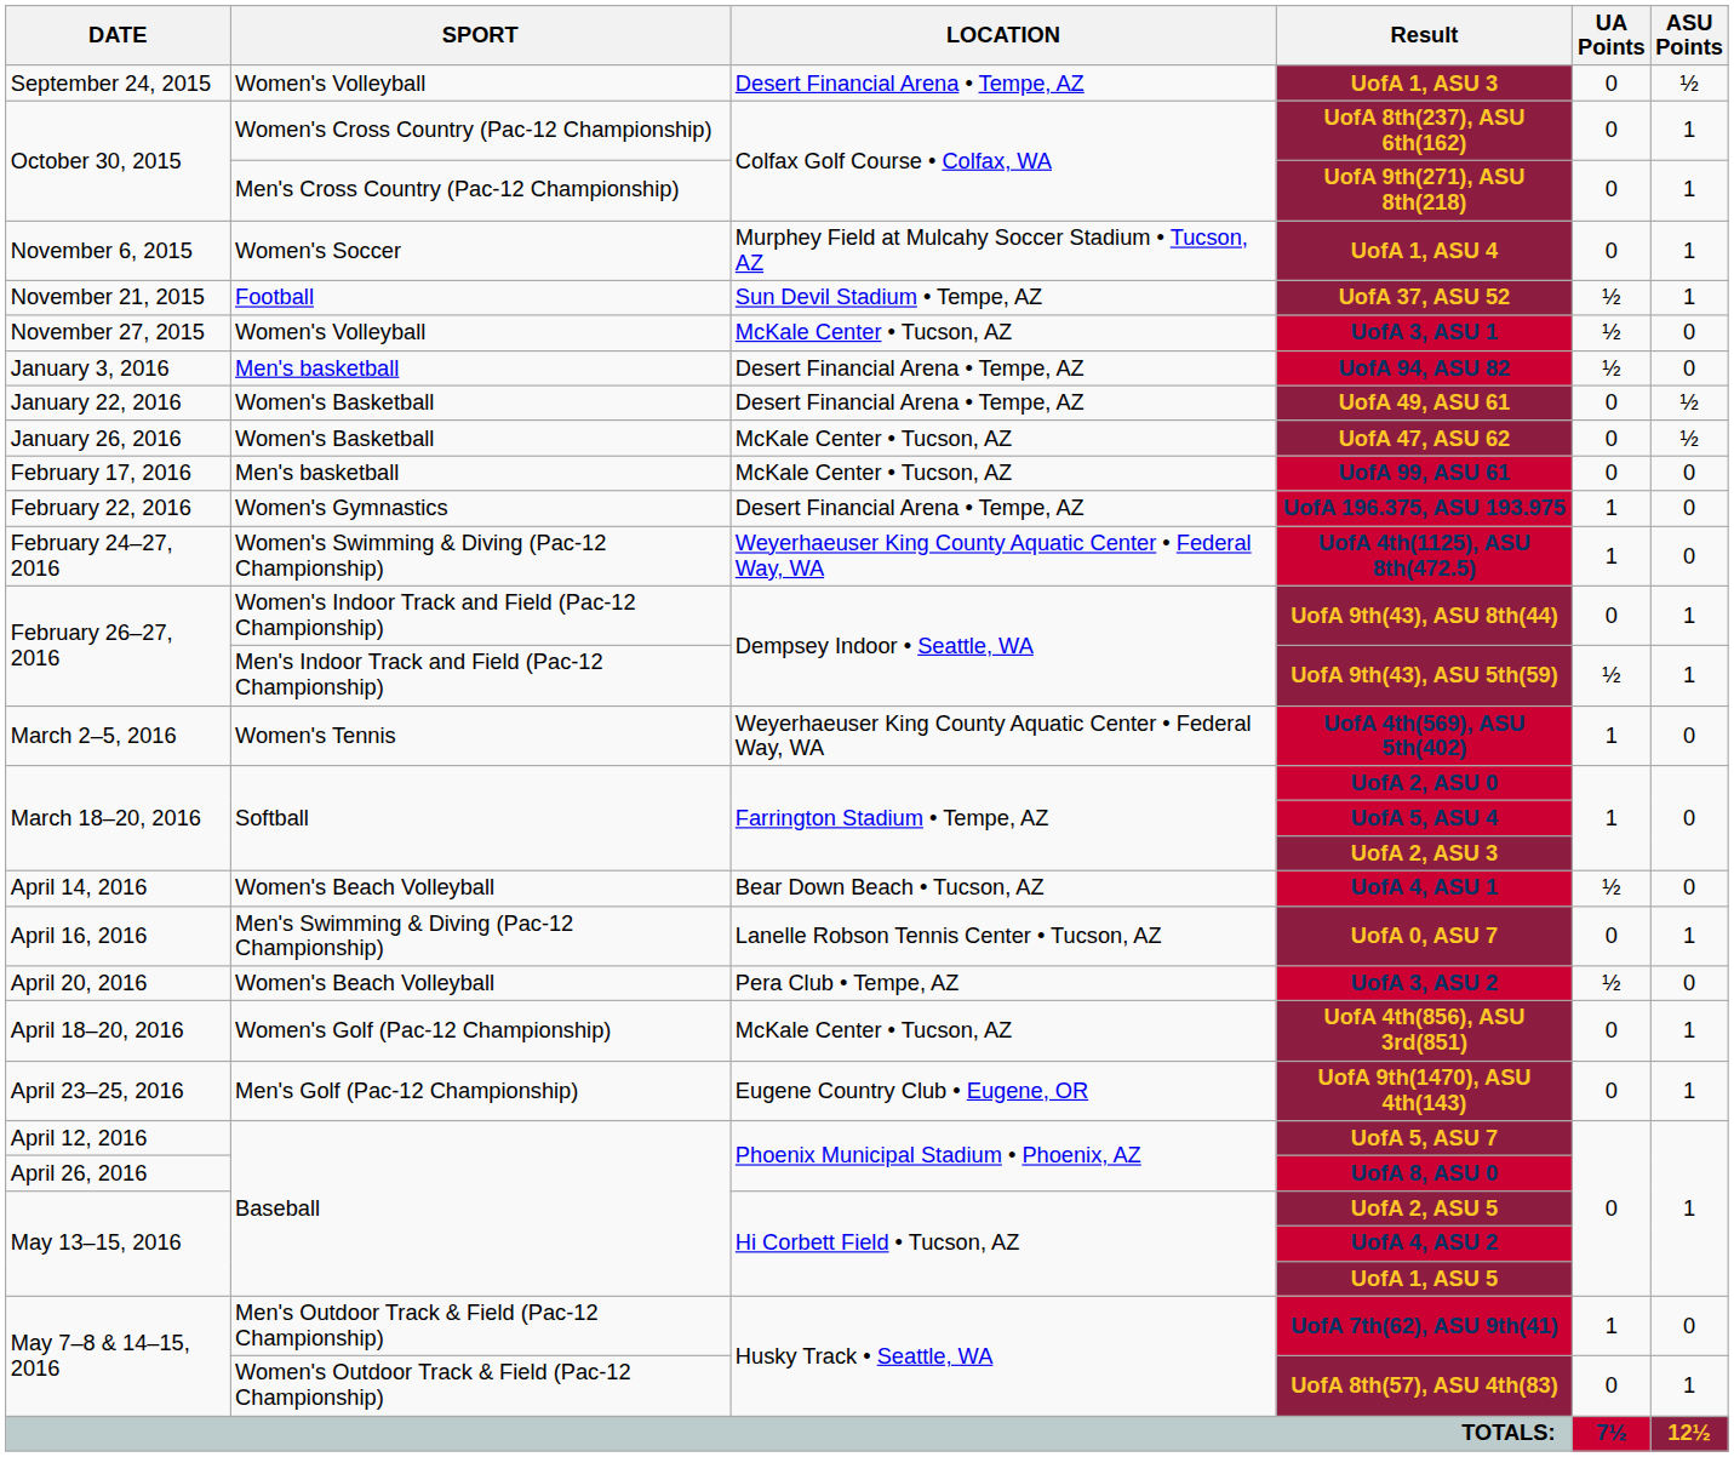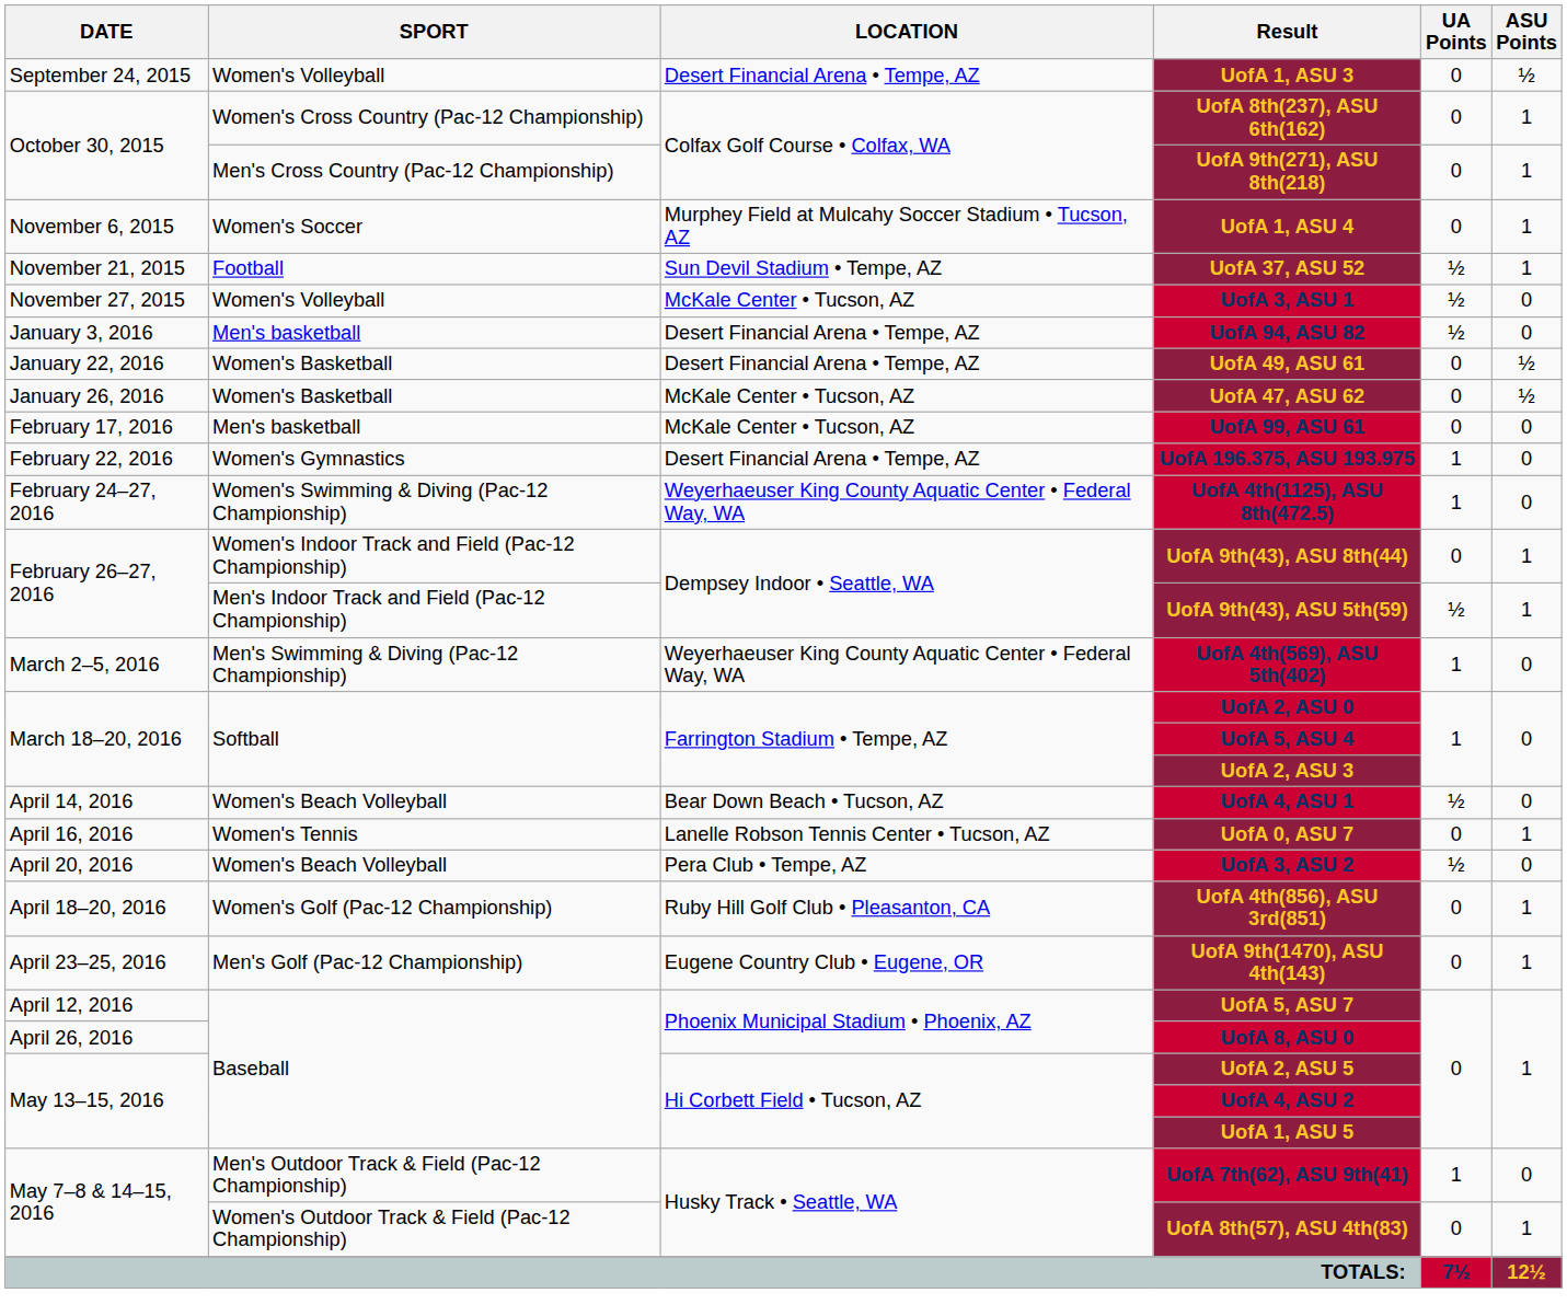 <table class=wikitable>
 <tr>
 <th>DATE</th>
 <th>SPORT</th>
 <th>LOCATION</th>
 <th>Result</th>
 <th>UA<br>Points</th>
 <th>ASU<br>Points</th>
 </tr>
 <tr>
 <td>September 24, 2015</td>
 <td>Women's Volleyball</td>
 <td><a href='#'>Desert Financial Arena</a> • <a href='#'>Tempe, AZ</a></td>
 <th style="background:#8C1D40; color:#FFC627;">UofA 1, ASU 3</th>
 <td align="center">0</td>
 <td align="center">½</td>
 </tr>
 <tr>
 <td rowspan=2>October 30, 2015</td>
 <td>Women's Cross Country (Pac-12 Championship)</td>
 <td rowspan=2>Colfax Golf Course • <a href='#'>Colfax, WA</a></td>
 <th style="background:#8C1D40; color:#FFC627;">UofA 8th(237), ASU 6th(162)</th>
 <td align="center">0</td>
 <td align="center">1</td>
 </tr>
 <tr>
 <td>Men's Cross Country (Pac-12 Championship)</td>
 <th style="background:#8C1D40; color:#FFC627;">UofA 9th(271), ASU 8th(218)</th>
 <td align="center">0</td>
 <td align="center">1</td>
 </tr>
 <tr>
 <td>November 6, 2015</td>
 <td>Women's Soccer</td>
 <td>Murphey Field at Mulcahy Soccer Stadium • <a href='#'>Tucson, AZ</a></td>
 <th style="background:#8C1D40; color:#FFC627;">UofA 1, ASU 4</th>
 <td align="center">0</td>
 <td align="center">1</td>
 </tr>
 <tr>
 <td>November 21, 2015</td>
 <td><a href='#'>Football</a></td>
 <td><a href='#'>Sun Devil Stadium</a> • Tempe, AZ</td>
 <th style="background:#8C1D40; color:#FFC627;">UofA 37, ASU 52</th>
 <td align="center">½</td>
 <td align="center">1</td>
 </tr>
 <tr>
 <td>November 27, 2015</td>
 <td>Women's Volleyball</td>
 <td><a href='#'>McKale Center</a> • Tucson, AZ</td>
 <th style="background:#CC0033; color:#003366;">UofA 3, ASU 1</th>
 <td align="center">½</td>
 <td align="center">0</td>
 </tr>
 <tr>
 <td>January 3, 2016</td>
 <td><a href='#'>Men's basketball</a></td>
 <td>Desert Financial Arena • Tempe, AZ</td>
 <th style="background:#CC0033; color:#003366;">UofA 94, ASU 82</th>
 <td align="center">½</td>
 <td align="center">0</td>
 </tr>
 <tr>
 <td>January 22, 2016</td>
 <td>Women's Basketball</td>
 <td>Desert Financial Arena • Tempe, AZ</td>
 <th style="background:#8C1D40; color:#FFC627;">UofA 49, ASU 61</th>
 <td align="center">0</td>
 <td align="center">½</td>
 </tr>
 <tr>
 <td>January 26, 2016</td>
 <td>Women's Basketball</td>
 <td>McKale Center • Tucson, AZ</td>
 <th style="background:#8C1D40; color:#FFC627;">UofA 47, ASU 62</th>
 <td align="center">0</td>
 <td align="center">½</td>
 </tr>
 <tr>
 <td>February 17, 2016</td>
 <td>Men's basketball</td>
 <td>McKale Center • Tucson, AZ</td>
 <th style="background:#CC0033; color:#003366;">UofA 99, ASU 61</th>
 <td align="center">0</td>
 <td align="center">0</td>
 </tr>
 <tr>
 <td>February 22, 2016</td>
 <td>Women's Gymnastics</td>
 <td>Desert Financial Arena • Tempe, AZ</td>
 <th style="background:#CC0033; color:#003366;">UofA 196.375, ASU 193.975</th>
 <td align="center">1</td>
 <td align="center">0</td>
 </tr>
 <tr>
 <td>February 24–27, 2016</td>
 <td>Women's Swimming & Diving (Pac-12 Championship)</td>
 <td><a href='#'>Weyerhaeuser King County Aquatic Center</a> • <a href='#'>Federal Way, WA</a></td>
 <th style="background:#CC0033; color:#003366;">UofA 4th(1125), ASU 8th(472.5)</th>
 <td align="center">1</td>
 <td align="center">0</td>
 </tr>
 <tr>
 <td rowspan=2>February 26–27, 2016</td>
 <td>Women's Indoor Track and Field (Pac-12 Championship)</td>
 <td rowspan=2>Dempsey Indoor • <a href='#'>Seattle, WA</a></td>
 <th style="background:#8C1D40; color:#FFC627;">UofA 9th(43), ASU 8th(44)</th>
 <td align="center">0</td>
 <td align="center">1</td>
 </tr>
 <tr>
 <td>Men's Indoor Track and Field (Pac-12 Championship)</td>
 <th style="background:#8C1D40; color:#FFC627;">UofA 9th(43), ASU 5th(59)</th>
 <td align="center">½</td>
 <td align="center">1</td>
 </tr>
 <tr>
 <td>March 2–5, 2016</td>
-<td>Women's Tennis</td>
+<td>Men's Swimming & Diving (Pac-12 Championship)</td>
 <td>Weyerhaeuser King County Aquatic Center • Federal Way, WA</td>
 <th style="background:#CC0033; color:#003366;">UofA 4th(569), ASU 5th(402)</th>
 <td align="center">1</td>
 <td align="center">0</td>
 </tr>
 <tr>
 <td rowspan="3">March 18–20, 2016</td>
 <td rowspan="3">Softball</td>
 <td rowspan="3"><a href='#'>Farrington Stadium</a> • Tempe, AZ</td>
 <th style="background:#CC0033; color:#003366;">UofA 2, ASU 0</th>
 <td rowspan="3" align="center">1</td>
 <td rowspan="3" align="center">0</td>
 </tr>
 <tr>
 <th style="background:#CC0033; color:#003366;">UofA 5, ASU 4</th>
 </tr>
 <tr>
 <th style="background:#8C1D40; color:#FFC627;">UofA 2, ASU 3</th>
 </tr>
 <tr>
 <td>April 14, 2016</td>
 <td>Women's Beach Volleyball</td>
 <td>Bear Down Beach • Tucson, AZ</td>
 <th style="background:#CC0033; color:#003366;">UofA 4, ASU 1</th>
 <td align="center">½</td>
 <td align="center">0</td>
 </tr>
 <tr>
 <td>April 16, 2016</td>
-<td>Men's Swimming & Diving (Pac-12 Championship)</td>
+<td>Women's Tennis</td>
 <td>Lanelle Robson Tennis Center • Tucson, AZ</td>
 <th style="background:#8C1D40; color:#FFC627;">UofA 0, ASU 7</th>
 <td align="center">0</td>
 <td align="center">1</td>
 </tr>
 <tr>
 <td>April 20, 2016</td>
 <td>Women's Beach Volleyball</td>
 <td>Pera Club • Tempe, AZ</td>
 <th style="background:#CC0033; color:#003366;">UofA 3, ASU 2</th>
 <td align="center">½</td>
 <td align="center">0</td>
 </tr>
 <tr>
 <td>April 18–20, 2016</td>
 <td>Women's Golf (Pac-12 Championship)</td>
-<td>McKale Center • Tucson, AZ</td>
+<td>Ruby Hill Golf Club • <a href='#'>Pleasanton, CA</a></td>
 <th style="background:#8C1D40; color:#FFC627;">UofA 4th(856), ASU 3rd(851)</th>
 <td align="center">0</td>
 <td align="center">1</td>
 </tr>
 <tr>
 <td>April 23–25, 2016</td>
 <td>Men's Golf (Pac-12 Championship)</td>
 <td>Eugene Country Club • <a href='#'>Eugene, OR</a></td>
 <th style="background:#8C1D40; color:#FFC627;">UofA 9th(1470), ASU 4th(143)</th>
 <td align="center">0</td>
 <td align="center">1</td>
 </tr>
 <tr>
 <td>April 12, 2016</td>
 <td rowspan="5">Baseball</td>
 <td rowspan="2"><a href='#'>Phoenix Municipal Stadium</a> • <a href='#'>Phoenix, AZ</a></td>
 <th style="background:#8C1D40; color:#FFC627;">UofA 5, ASU 7</th>
 <td rowspan="5" align="center">0</td>
 <td rowspan="5" align="center">1</td>
 </tr>
 <tr>
 <td>April 26, 2016</td>
 <th style="background:#CC0033; color:#003366;">UofA 8, ASU 0</th>
 </tr>
 <tr>
 <td rowspan="3">May 13–15, 2016</td>
 <td rowspan="3"><a href='#'>Hi Corbett Field</a> • Tucson, AZ</td>
 <th style="background:#8C1D40; color:#FFC627;">UofA 2, ASU 5</th>
 </tr>
 <tr>
 <th style="background:#CC0033; color:#003366;">UofA 4, ASU 2</th>
 </tr>
 <tr>
 <th style="background:#8C1D40; color:#FFC627;">UofA 1, ASU 5</th>
 </tr>
 <tr>
 <td rowspan=2>May 7–8 & 14–15, 2016</td>
 <td>Men's Outdoor Track & Field (Pac-12 Championship)</td>
 <td rowspan=2>Husky Track • <a href='#'>Seattle, WA</a></td>
 <th style="background:#CC0033; color:#003366;">UofA 7th(62), ASU 9th(41)</th>
 <td align="center">1</td>
 <td align="center">0</td>
 </tr>
 <tr>
 <td>Women's Outdoor Track & Field (Pac-12 Championship)</td>
 <th style="background:#8C1D40; color:#FFC627;">UofA 8th(57), ASU 4th(83)</th>
 <td align="center">0</td>
 <td align="center">1</td>
 </tr>
 <tr>
 </tr>
 <tr style="background:#bccccc;">
 <td colspan="4" style="text-align:right;"><strong>TOTALS:</strong>  </td>
 <th style="background:#CC0033; color:#003366;">7½</th>
 <th style="background:#8C1D40; color:#FFC627;">12½</th>
 </tr>
 </table>
